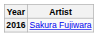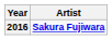 <table class="wikitable mw-collapsible mw-collapsed" style="font-size:small; text-align:center">
 <tr>
 <th>Year</th>
 <th>Artist</th>
 </tr>
 <tr>
 <th>2016</th>
-<td><a href='#'>Sakura Fujiwara</a></td>
+<td><strong><a href='#'>Sakura Fujiwara</a></strong></td>
 </tr>
 </table>
